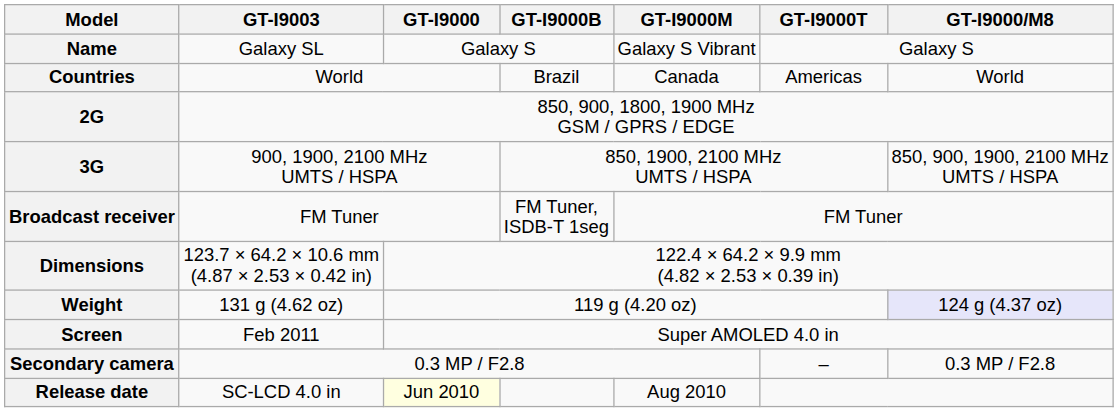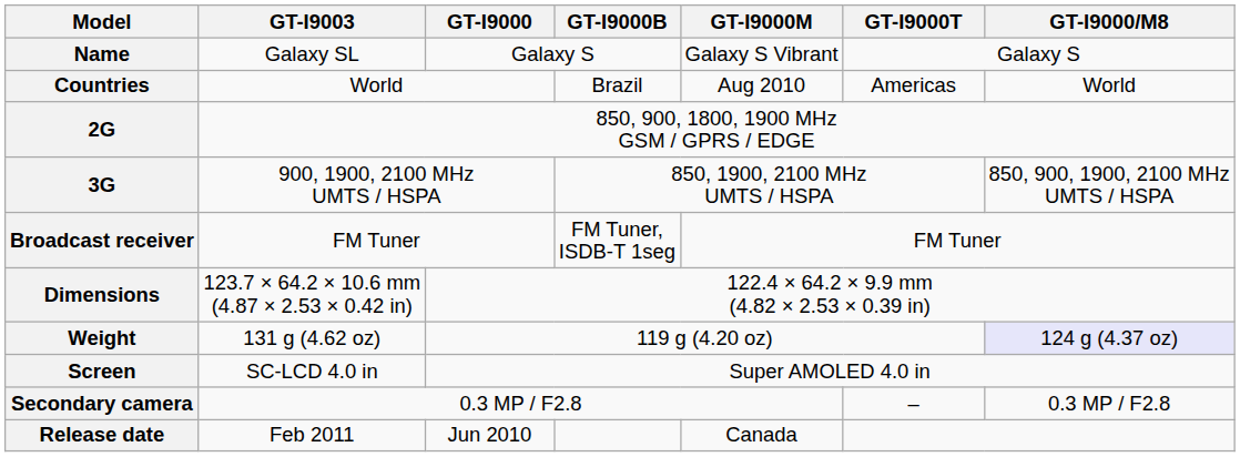 <table class="wikitable" style="text-align: center;font-size:90%;">
 <tr>
 <th>Model</th>
 <th>GT-I9003<br>  </th>
 <th>   GT-I9000   <br>  </th>
 <th>GT-I9000B<br> </th>
 <th>GT-I9000M<br> </th>
 <th>   GT-I9000T   <br> </th>
 <th>GT-I9000/M8<br> </th>
 </tr>
 <tr>
 <th>Name</th>
 <td>Galaxy SL</td>
 <td colspan="2">Galaxy S</td>
 <td>Galaxy S Vibrant</td>
 <td colspan="2">Galaxy S</td>
 </tr>
 <tr>
 <th>Countries</th>
 <td colspan="2">World</td>
 <td>Brazil</td>
-<td>Canada</td>
+<td>Aug 2010</td>
 <td>Americas</td>
 <td>World</td>
 </tr>
 <tr>
 <th>2G</th>
 <td colspan="6">850, 900, 1800, 1900 MHz <br>GSM / GPRS / EDGE</td>
 </tr>
 <tr>
 <th>3G</th>
 <td colspan="2">900, 1900, 2100 MHz <br>UMTS / HSPA</td>
 <td colspan="3">850, 1900, 2100 MHz <br>UMTS / HSPA</td>
 <td>850, 900, 1900, 2100 MHz <br>UMTS / HSPA</td>
 </tr>
 <tr>
 <th>Broadcast receiver</th>
 <td colspan="2">FM Tuner</td>
 <td>FM Tuner, <br> ISDB-T 1seg</td>
 <td colspan="3">FM Tuner</td>
 </tr>
 <tr>
 <th>Dimensions</th>
 <td>123.7 × 64.2 × 10.6 mm<br>(4.87 × 2.53 × 0.42 in)</td>
 <td colspan="5">122.4 × 64.2 × 9.9 mm<br>(4.82 × 2.53 × 0.39 in)</td>
 </tr>
 <tr>
 <th>Weight</th>
 <td>131 g (4.62 oz)</td>
 <td colspan="4">119 g (4.20 oz)</td>
 <td style="background: lavender;">124 g (4.37 oz)</td>
 </tr>
 <tr>
 <th>Screen</th>
-<td>Feb 2011</td>
+<td>SC-LCD 4.0 in</td>
 <td colspan="5">Super AMOLED 4.0 in</td>
 </tr>
 <tr>
 <th>Secondary camera</th>
 <td colspan="4">0.3 MP / F2.8</td>
 <td>–</td>
 <td>0.3 MP / F2.8</td>
 </tr>
 <tr>
 <th>Release date</th>
-<td>SC-LCD 4.0 in</td>
-<td style="background: lightyellow;">Jun 2010</td>
+<td>Feb 2011</td>
+<td>Jun 2010</td>
 <td></td>
-<td>Aug 2010</td>
+<td>Canada</td>
 <td colspan="2"></td>
 </tr>
 </table>
